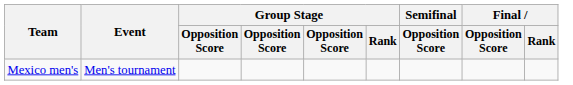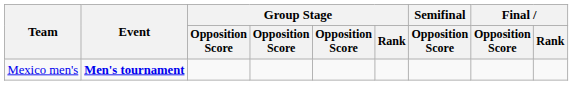 <table class=wikitable style=font-size:90%>
 <tr>
 <th rowspan=2>Team</th>
 <th rowspan=2>Event</th>
 <th colspan=4>Group Stage</th>
 <th>Semifinal</th>
 <th colspan=2>Final / </th>
 </tr>
 <tr style=font-size:95%>
 <th>Opposition<br>Score</th>
 <th>Opposition<br>Score</th>
 <th>Opposition<br>Score</th>
 <th>Rank</th>
 <th>Opposition<br>Score</th>
 <th>Opposition<br>Score</th>
 <th>Rank</th>
 </tr>
 <tr align=center>
 <td align=left><a href='#'>Mexico men's</a></td>
-<td align=left><a href='#'>Men's tournament</a></td>
+<td align=left><strong><a href='#'>Men's tournament</a></strong></td>
 <td></td>
 <td></td>
 <td></td>
 <td></td>
 <td></td>
 <td></td>
 <td></td>
 </tr>
 </table>
